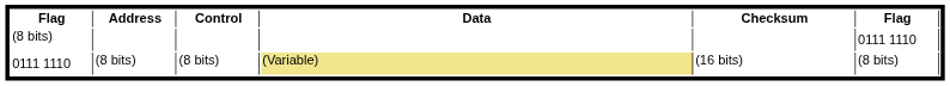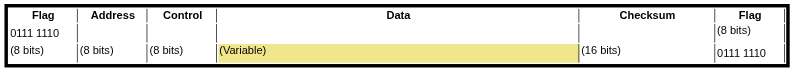 <table style="width: 90%; margin:auto; border: thick solid black; ">
 <tr>
 <th scope="col" style="width:6em;  border-right: 1px solid black; ">Flag</th>
 <th scope="col" style="width:6em;  border-right: 1px solid black; ">Address</th>
 <th scope="col" style="width:6em;  border-right: 1px solid black; ">Control</th>
 <th scope="col" style="width:auto; border-right: 1px solid black; ">Data</th>
 <th scope="col" style="width:12em; border-right: 1px solid black; ">Checksum</th>
 <th scope="col" style="width:6em;  border-right: 1px solid black; ">Flag</th>
 </tr>
 <tr>
-<td style="border-right: 1px solid black; padding-bottom: 0.5em;">(8 bits)</td>
+<td style="border-right: 1px solid black;">0111 1110</td>
 <td style="border-right: 1px solid black;"></td>
 <td style="border-right: 1px solid black;"></td>
 <td style="border-right: 1px solid black;"></td>
 <td style="border-right: 1px solid black;"></td>
-<td style="border-right: 1px solid black;">0111 1110</td>
+<td style="border-right: 1px solid black; padding-bottom: 0.5em;">(8 bits)</td>
 </tr>
 <tr>
-<td style="border-right: 1px solid black;">0111 1110</td>
+<td style="border-right: 1px solid black; padding-bottom: 0.5em;">(8 bits)</td>
 <td style="border-right: 1px solid black; padding-bottom: 0.5em;">(8 bits)</td>
 <td style="border-right: 1px solid black; padding-bottom: 0.5em;">(8 bits)</td>
 <td style="background: khaki; border-right: 1px solid black; padding-bottom: 0.5em;">(Variable)</td>
 <td style="border-right: 1px solid black; padding-bottom: 0.5em;">(16 bits)</td>
-<td style="border-right: 1px solid black; padding-bottom: 0.5em;">(8 bits)</td>
+<td style="border-right: 1px solid black;">0111 1110</td>
 </tr>
 </table>
